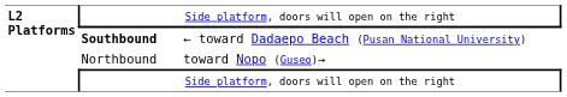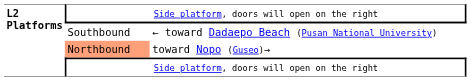 <table table border=0 cellspacing=0 cellpadding=3>
 <tr>
 <td style="border-top:solid 1px gray;border-bottom:solid 1px gray;" width=50 rowspan=10 valign=top><strong>L2<br>Platforms</strong></td>
 <td style="border-top:solid 1px gray;border-right:solid 2px black;border-left:solid 2px black;border-bottom:solid 2px black;text-align:center;" colspan=2><small><a href='#'>Side platform</a>, doors will open on the right</small></td>
 </tr>
 <tr>
-<td style="border-bottom:solid 0px gray;border-top:solid 1px gray;" width=100><strong>Southbound</strong></td>
+<td style="border-bottom:solid 0px gray;border-top:solid 1px gray;" width=100>Southbound</td>
 <td style="border-bottom:solid 0px gray;border-top:solid 1px gray;" width=390>←  toward <a href='#'>Dadaepo Beach</a> <small>(<a href='#'>Pusan National University</a>)</small></td>
 </tr>
 <tr>
-<td>Northbound</td>
+<td style="background: lightsalmon;">Northbound</td>
 <td>  toward <a href='#'>Nopo</a> <small>(<a href='#'>Guseo</a>)</small>→</td>
 </tr>
 <tr>
 <td style="border-top:solid 2px black;border-right:solid 2px black;border-left:solid 2px black;border-bottom:solid 1px gray;text-align:center;" colspan=2><small><a href='#'>Side platform</a>, doors will open on the right</small></td>
 </tr>
 </table>
